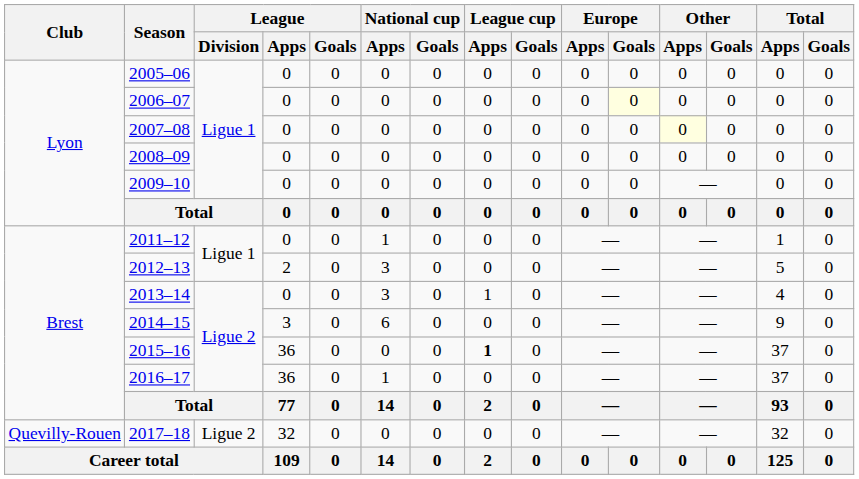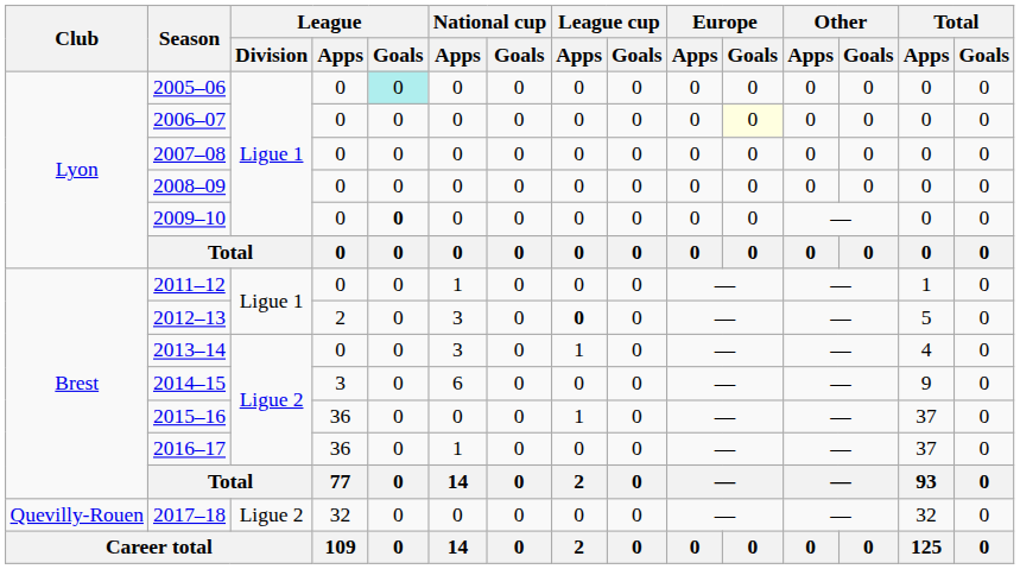 <table class="wikitable" style="text-align: center">
 <tr>
 <th rowspan="2">Club</th>
 <th rowspan="2">Season</th>
 <th colspan="3">League</th>
 <th colspan="2">National cup</th>
 <th colspan="2">League cup</th>
 <th colspan="2">Europe</th>
 <th colspan="2">Other</th>
 <th colspan="2">Total</th>
 </tr>
 <tr>
 <th>Division</th>
 <th>Apps</th>
 <th>Goals</th>
 <th>Apps</th>
 <th>Goals</th>
 <th>Apps</th>
 <th>Goals</th>
 <th>Apps</th>
 <th>Goals</th>
 <th>Apps</th>
 <th>Goals</th>
 <th>Apps</th>
 <th>Goals</th>
 </tr>
 <tr>
 <td rowspan="6"><a href='#'>Lyon</a></td>
 <td><a href='#'>2005–06</a></td>
 <td rowspan="5"><a href='#'>Ligue 1</a></td>
 <td>0</td>
-<td>0</td>
+<td style="background: paleturquoise;">0</td>
 <td>0</td>
 <td>0</td>
 <td>0</td>
 <td>0</td>
 <td>0</td>
 <td>0</td>
 <td>0</td>
 <td>0</td>
 <td>0</td>
 <td>0</td>
 </tr>
 <tr>
 <td><a href='#'>2006–07</a></td>
 <td>0</td>
 <td>0</td>
 <td>0</td>
 <td>0</td>
 <td>0</td>
 <td>0</td>
 <td>0</td>
 <td style="background: lightyellow;">0</td>
 <td>0</td>
 <td>0</td>
 <td>0</td>
 <td>0</td>
 </tr>
 <tr>
 <td><a href='#'>2007–08</a></td>
 <td>0</td>
 <td>0</td>
 <td>0</td>
 <td>0</td>
 <td>0</td>
 <td>0</td>
 <td>0</td>
 <td>0</td>
-<td style="background: lightyellow;">0</td>
+<td>0</td>
 <td>0</td>
 <td>0</td>
 <td>0</td>
 </tr>
 <tr>
 <td><a href='#'>2008–09</a></td>
 <td>0</td>
 <td>0</td>
 <td>0</td>
 <td>0</td>
 <td>0</td>
 <td>0</td>
 <td>0</td>
 <td>0</td>
 <td>0</td>
 <td>0</td>
 <td>0</td>
 <td>0</td>
 </tr>
 <tr>
 <td><a href='#'>2009–10</a></td>
 <td>0</td>
-<td>0</td>
+<td><strong>0</strong></td>
 <td>0</td>
 <td>0</td>
 <td>0</td>
 <td>0</td>
 <td>0</td>
 <td>0</td>
 <td colspan="2">—</td>
 <td>0</td>
 <td>0</td>
 </tr>
 <tr>
 <th colspan="2">Total</th>
 <th>0</th>
 <th>0</th>
 <th>0</th>
 <th>0</th>
 <th>0</th>
 <th>0</th>
 <th>0</th>
 <th>0</th>
 <th>0</th>
 <th>0</th>
 <th>0</th>
 <th>0</th>
 </tr>
 <tr>
 <td rowspan="7"><a href='#'>Brest</a></td>
 <td><a href='#'>2011–12</a></td>
 <td rowspan="2">Ligue 1</td>
 <td>0</td>
 <td>0</td>
 <td>1</td>
 <td>0</td>
 <td>0</td>
 <td>0</td>
 <td colspan="2">—</td>
 <td colspan="2">—</td>
 <td>1</td>
 <td>0</td>
 </tr>
 <tr>
 <td><a href='#'>2012–13</a></td>
 <td>2</td>
 <td>0</td>
 <td>3</td>
 <td>0</td>
-<td>0</td>
+<td><strong>0</strong></td>
 <td>0</td>
 <td colspan="2">—</td>
 <td colspan="2">—</td>
 <td>5</td>
 <td>0</td>
 </tr>
 <tr>
 <td><a href='#'>2013–14</a></td>
 <td rowspan="4"><a href='#'>Ligue 2</a></td>
 <td>0</td>
 <td>0</td>
 <td>3</td>
 <td>0</td>
 <td>1</td>
 <td>0</td>
 <td colspan="2">—</td>
 <td colspan="2">—</td>
 <td>4</td>
 <td>0</td>
 </tr>
 <tr>
 <td><a href='#'>2014–15</a></td>
 <td>3</td>
 <td>0</td>
 <td>6</td>
 <td>0</td>
 <td>0</td>
 <td>0</td>
 <td colspan="2">—</td>
 <td colspan="2">—</td>
 <td>9</td>
 <td>0</td>
 </tr>
 <tr>
 <td><a href='#'>2015–16</a></td>
 <td>36</td>
 <td>0</td>
 <td>0</td>
 <td>0</td>
-<td><strong>1</strong></td>
+<td>1</td>
 <td>0</td>
 <td colspan="2">—</td>
 <td colspan="2">—</td>
 <td>37</td>
 <td>0</td>
 </tr>
 <tr>
 <td><a href='#'>2016–17</a></td>
 <td>36</td>
 <td>0</td>
 <td>1</td>
 <td>0</td>
 <td>0</td>
 <td>0</td>
 <td colspan="2">—</td>
 <td colspan="2">—</td>
 <td>37</td>
 <td>0</td>
 </tr>
 <tr>
 <th colspan="2">Total</th>
 <th>77</th>
 <th>0</th>
 <th>14</th>
 <th>0</th>
 <th>2</th>
 <th>0</th>
 <th colspan="2">—</th>
 <th colspan="2">—</th>
 <th>93</th>
 <th>0</th>
 </tr>
 <tr>
 <td><a href='#'>Quevilly-Rouen</a></td>
 <td><a href='#'>2017–18</a></td>
 <td>Ligue 2</td>
 <td>32</td>
 <td>0</td>
 <td>0</td>
 <td>0</td>
 <td>0</td>
 <td>0</td>
 <td colspan="2">—</td>
 <td colspan="2">—</td>
 <td>32</td>
 <td>0</td>
 </tr>
 <tr>
 <th colspan="3">Career total</th>
 <th>109</th>
 <th>0</th>
 <th>14</th>
 <th>0</th>
 <th>2</th>
 <th>0</th>
 <th>0</th>
 <th>0</th>
 <th>0</th>
 <th>0</th>
 <th>125</th>
 <th>0</th>
 </tr>
 </table>
